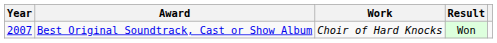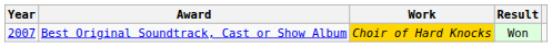 <table class="wikitable">
 <tr>
 <th>Year</th>
 <th>Award</th>
 <th>Work</th>
 <th>Result</th>
 <th></th>
 </tr>
 <tr>
 <td rowspan="3"><a href='#'>2007</a></td>
 <td><a href='#'>Best Original Soundtrack, Cast or Show Album</a></td>
-<td><em>Choir of Hard Knocks</em></td>
+<td style="background: gold;"><em>Choir of Hard Knocks</em></td>
 <td align="center" style="background: #ddffdd">Won</td>
 <td></td>
 </tr>
 </table>
